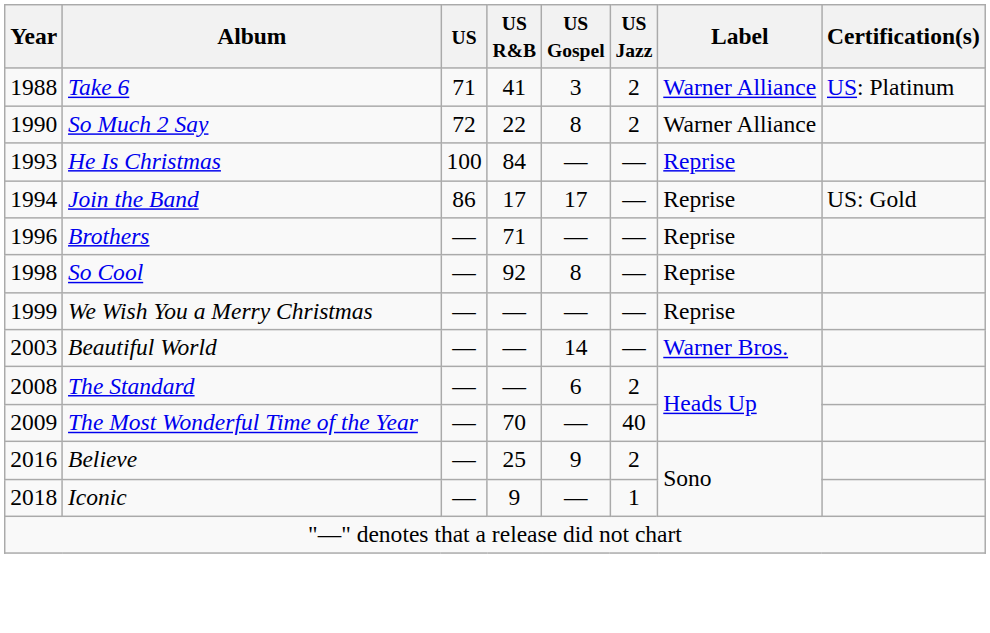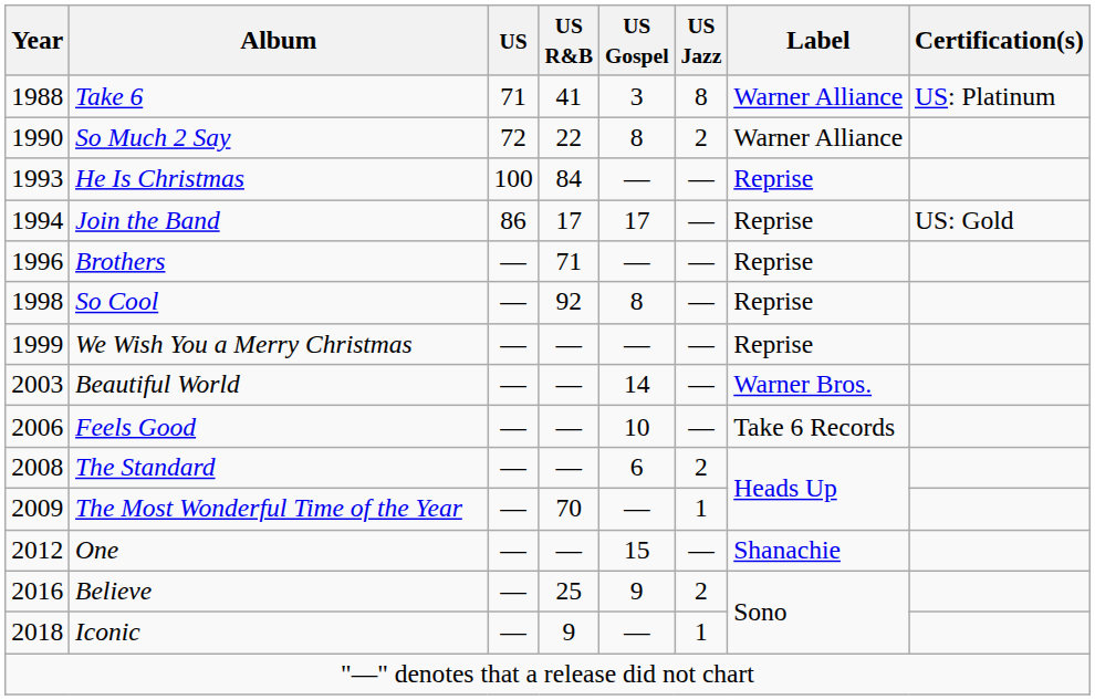 <table class="wikitable" style="text-align:left;">
 <tr>
 <th>Year</th>
 <th style="width:250px;">Album</th>
 <th style="text-align:center;"><small>US</small></th>
 <th style="text-align:center;"><small>US<br>R&B</small></th>
 <th style="text-align:center;"><small>US<br>Gospel</small></th>
 <th style="text-align:center;"><small>US<br>Jazz</small></th>
 <th>Label</th>
 <th>Certification(s)</th>
 </tr>
 <tr>
 <td>1988</td>
 <td><em><a href='#'>Take 6</a></em></td>
 <td style="text-align:center;">71</td>
 <td style="text-align:center;">41</td>
 <td style="text-align:center;">3</td>
-<td style="text-align:center;">2</td>
+<td style="text-align:center;">8</td>
 <td style="text-align:left;"><a href='#'>Warner Alliance</a></td>
 <td><a href='#'>US</a>: Platinum</td>
 </tr>
 <tr>
 <td>1990</td>
 <td><em><a href='#'>So Much 2 Say</a></em></td>
 <td style="text-align:center;">72</td>
 <td style="text-align:center;">22</td>
 <td style="text-align:center;">8</td>
 <td style="text-align:center;">2</td>
 <td style="text-align:left;">Warner Alliance</td>
 <td></td>
 </tr>
 <tr>
 <td>1993</td>
 <td><em><a href='#'>He Is Christmas</a></em></td>
 <td style="text-align:center;">100</td>
 <td style="text-align:center;">84</td>
 <td style="text-align:center;">—</td>
 <td style="text-align:center;">—</td>
 <td style="text-align:left;"><a href='#'>Reprise</a></td>
 <td></td>
 </tr>
 <tr>
 <td>1994</td>
 <td><em><a href='#'>Join the Band</a></em></td>
 <td style="text-align:center;">86</td>
 <td style="text-align:center;">17</td>
 <td style="text-align:center;">17</td>
 <td style="text-align:center;">—</td>
 <td style="text-align:left;">Reprise</td>
 <td>US: Gold</td>
 </tr>
 <tr>
 <td>1996</td>
 <td><em><a href='#'>Brothers</a></em></td>
 <td style="text-align:center;">—</td>
 <td style="text-align:center;">71</td>
 <td style="text-align:center;">—</td>
 <td style="text-align:center;">—</td>
 <td style="text-align:left;">Reprise</td>
 <td></td>
 </tr>
 <tr>
 <td>1998</td>
 <td><em><a href='#'>So Cool</a></em></td>
 <td style="text-align:center;">—</td>
 <td style="text-align:center;">92</td>
 <td style="text-align:center;">8</td>
 <td style="text-align:center;">—</td>
 <td style="text-align:left;">Reprise</td>
 <td></td>
 </tr>
 <tr>
 <td>1999</td>
 <td><em>We Wish You a Merry Christmas</em></td>
 <td style="text-align:center;">—</td>
 <td style="text-align:center;">—</td>
 <td style="text-align:center;">—</td>
 <td style="text-align:center;">—</td>
 <td style="text-align:left;">Reprise</td>
 <td></td>
 </tr>
 <tr>
 <td>2003</td>
 <td><em>Beautiful World</em></td>
 <td style="text-align:center;">—</td>
 <td style="text-align:center;">—</td>
 <td style="text-align:center;">14</td>
 <td style="text-align:center;">—</td>
 <td style="text-align:left;"><a href='#'>Warner Bros.</a></td>
 <td></td>
 </tr>
 <tr>
+<td>2006</td>
+<td><em><a href='#'>Feels Good</a></em></td>
+<td style="text-align:center;">—</td>
+<td style="text-align:center;">—</td>
+<td style="text-align:center;">10</td>
+<td style="text-align:center;">—</td>
+<td style="text-align:left;">Take 6 Records</td>
+<td></td>
+</tr>
+<tr>
 <td>2008</td>
 <td><em><a href='#'>The Standard</a></em></td>
 <td style="text-align:center;">—</td>
 <td style="text-align:center;">—</td>
 <td style="text-align:center;">6</td>
 <td style="text-align:center;">2</td>
 <td rowspan="2"><a href='#'>Heads Up</a></td>
 <td></td>
 </tr>
 <tr>
 <td>2009</td>
 <td><em><a href='#'>The Most Wonderful Time of the Year</a></em></td>
 <td style="text-align:center;">—</td>
 <td style="text-align:center;">70</td>
 <td style="text-align:center;">—</td>
-<td style="text-align:center;">40</td>
+<td style="text-align:center;">1</td>
+<td></td>
+</tr>
+<tr>
+<td>2012</td>
+<td><em>One</em></td>
+<td style="text-align:center;">—</td>
+<td style="text-align:center;">—</td>
+<td style="text-align:center;">15</td>
+<td style="text-align:center;">—</td>
+<td style="text-align:left;"><a href='#'>Shanachie</a></td>
 <td></td>
 </tr>
 <tr>
 <td>2016</td>
 <td><em>Believe</em></td>
 <td style="text-align:center;">—</td>
 <td style="text-align:center;">25</td>
 <td style="text-align:center;">9</td>
 <td style="text-align:center;">2</td>
 <td rowspan="2">Sono</td>
 <td></td>
 </tr>
 <tr>
 <td>2018</td>
 <td><em>Iconic</em></td>
 <td style="text-align:center;">—</td>
 <td style="text-align:center;">9</td>
 <td style="text-align:center;">—</td>
 <td style="text-align:center;">1</td>
 <td></td>
 </tr>
 <tr>
 <td colspan="8" style="text-align:center;">"—" denotes that a release did not chart</td>
 </tr>
 </table>
